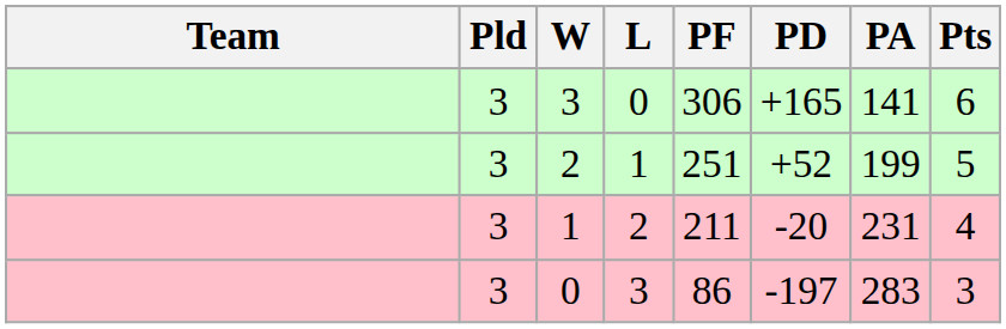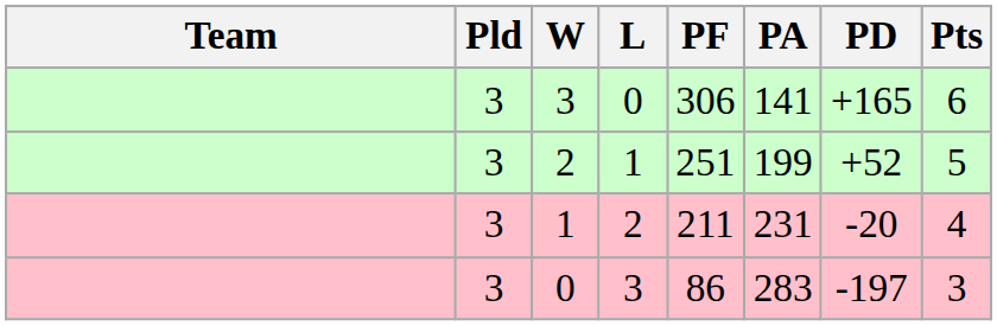 <table class="wikitable" style="text-align:center;">
 <tr>
 <th width=175>Team</th>
 <th width=20  abbr="Played">Pld</th>
 <th width=20  abbr="Won">W</th>
 <th width=20  abbr="Lost">L</th>
 <th width=20  abbr="Points">PF</th>
+<th width=20  abbr="Points Against">PA</th>
 <th width=25  abbr="Points Difference">PD</th>
-<th width=20  abbr="Points Against">PA</th>
 <th width=20  abbr="Points">Pts</th>
 </tr>
 <tr bgcolor="ccffcc">
 <td style="text-align:left"></td>
 <td>3</td>
 <td>3</td>
 <td>0</td>
 <td>306</td>
+<td>141</td>
 <td>+165</td>
-<td>141</td>
 <td>6</td>
 </tr>
 <tr bgcolor="ccffcc">
 <td style="text-align:left"></td>
 <td>3</td>
 <td>2</td>
 <td>1</td>
 <td>251</td>
+<td>199</td>
 <td>+52</td>
-<td>199</td>
 <td>5</td>
 </tr>
 <tr bgcolor="pink">
 <td style="text-align:left"></td>
 <td>3</td>
 <td>1</td>
 <td>2</td>
 <td>211</td>
+<td>231</td>
 <td>-20</td>
-<td>231</td>
 <td>4</td>
 </tr>
 <tr bgcolor="pink">
 <td style="text-align:left"></td>
 <td>3</td>
 <td>0</td>
 <td>3</td>
 <td>86</td>
+<td>283</td>
 <td>-197</td>
-<td>283</td>
 <td>3</td>
 </tr>
 </table>
